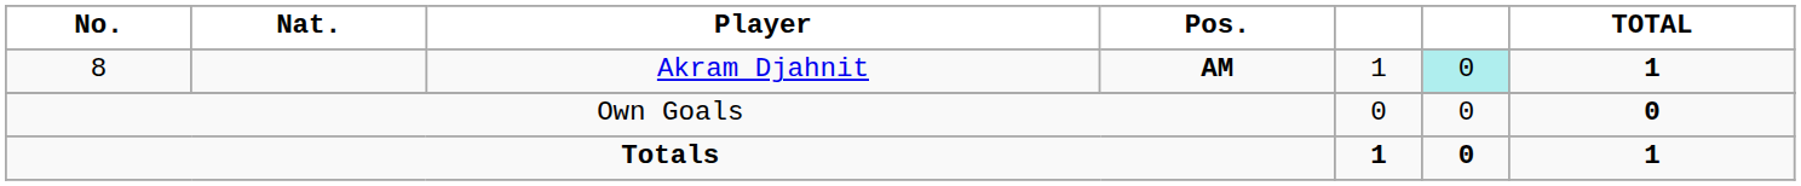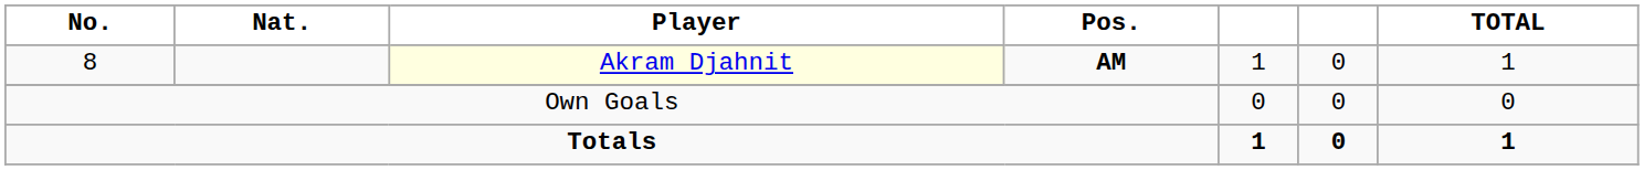 <table class="wikitable sortable alternance" style="font-size:96%; text-align:center; line-height:14px; width:65%;">
 <tr>
 <th style="background:white; color:black; text-align:center;">No.</th>
 <th style="background:white; color:black; text-align:center;">Nat.</th>
 <th style="background:white; color:black; text-align:center;">Player</th>
 <th style="background:white; color:black; text-align:center;">Pos.</th>
 <th style="background:white; color:black; text-align:center;"></th>
 <th style="background:white; color:black; text-align:center;"></th>
 <th style="background:white; color:black; text-align:center;">TOTAL</th>
 </tr>
 <tr>
 <td>8</td>
 <td></td>
-<td><a href='#'>Akram Djahnit</a></td>
+<td style="background: lightyellow;"><a href='#'>Akram Djahnit</a></td>
 <td><strong>AM</strong></td>
 <td>1</td>
-<td style="background: paleturquoise;">0</td>
-<td><strong>1</strong></td>
+<td>0</td>
+<td>1</td>
 </tr>
 <tr>
 </tr>
 <tr class="sortbottom">
 <td colspan="4">Own Goals</td>
 <td>0</td>
 <td>0</td>
-<td><strong>0</strong></td>
+<td>0</td>
 </tr>
 <tr class="sortbottom">
 <td colspan="4"><strong>Totals</strong></td>
 <td><strong>1</strong></td>
 <td><strong>0</strong></td>
 <td><strong>1</strong></td>
 </tr>
 </table>
